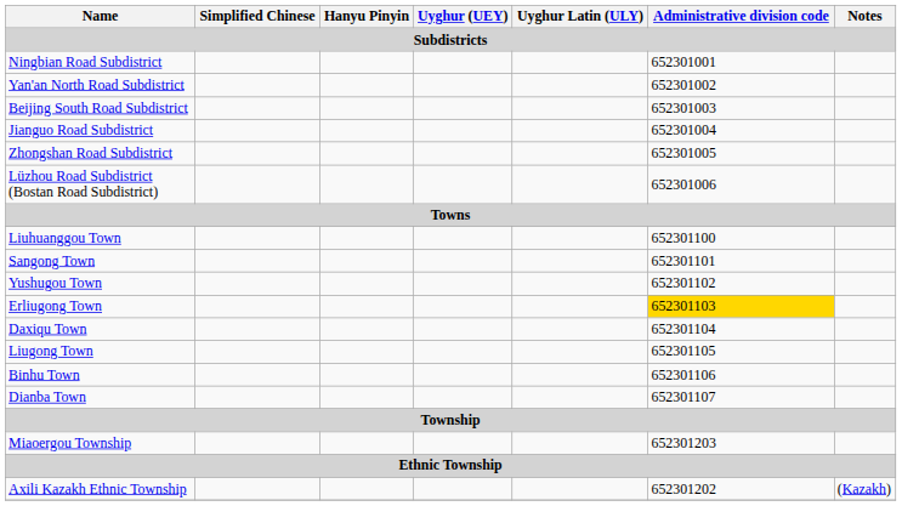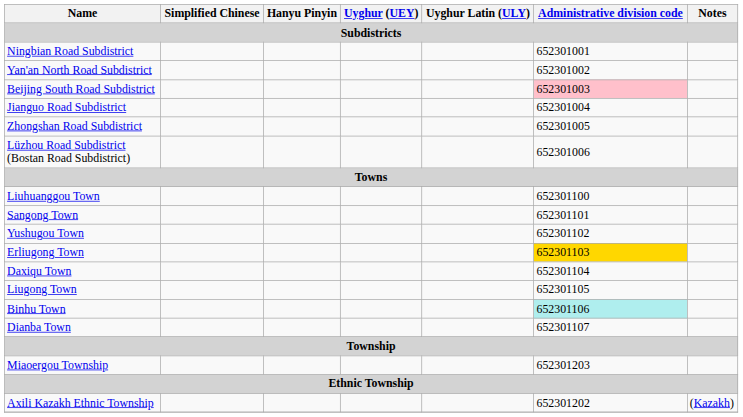 <table class="wikitable" align="center" style="width:50%; border="1">
 <tr>
 <th>Name</th>
 <th>Simplified Chinese</th>
 <th>Hanyu Pinyin</th>
 <th><a href='#'>Uyghur</a> (<a href='#'>UEY</a>)</th>
 <th>Uyghur Latin (<a href='#'>ULY</a>)</th>
 <th><a href='#'>Administrative division code</a></th>
 <th>Notes</th>
 </tr>
 <tr>
 <td colspan="7"  style="text-align:center; background:#d3d3d3;"><strong>Subdistricts</strong></td>
 </tr>
 <tr --------->
 <td><a href='#'>Ningbian Road Subdistrict</a></td>
 <td></td>
 <td></td>
 <td></td>
 <td></td>
 <td>652301001</td>
 <td></td>
 </tr>
 <tr>
 <td><a href='#'>Yan'an North Road Subdistrict</a></td>
 <td></td>
 <td></td>
 <td></td>
 <td></td>
 <td>652301002</td>
 <td></td>
 </tr>
 <tr>
 <td><a href='#'>Beijing South Road Subdistrict</a></td>
 <td></td>
 <td></td>
 <td></td>
 <td></td>
-<td>652301003</td>
+<td style="background: pink;">652301003</td>
 <td></td>
 </tr>
 <tr>
 <td><a href='#'>Jianguo Road Subdistrict</a></td>
 <td></td>
 <td></td>
 <td></td>
 <td></td>
 <td>652301004</td>
 <td></td>
 </tr>
 <tr>
 <td><a href='#'>Zhongshan Road Subdistrict</a></td>
 <td></td>
 <td></td>
 <td></td>
 <td></td>
 <td>652301005</td>
 <td></td>
 </tr>
 <tr>
 <td><a href='#'>Lüzhou Road Subdistrict</a><br>(Bostan Road Subdistrict)</td>
 <td></td>
 <td></td>
 <td></td>
 <td></td>
 <td>652301006</td>
 <td></td>
 </tr>
 <tr>
 <td colspan="7"  style="text-align:center; background:#d3d3d3;"><strong>Towns</strong></td>
 </tr>
 <tr --------->
 <td><a href='#'>Liuhuanggou Town</a></td>
 <td></td>
 <td></td>
 <td></td>
 <td></td>
 <td>652301100</td>
 <td></td>
 </tr>
 <tr>
 <td><a href='#'>Sangong Town</a></td>
 <td></td>
 <td></td>
 <td></td>
 <td></td>
 <td>652301101</td>
 <td></td>
 </tr>
 <tr>
 <td><a href='#'>Yushugou Town</a></td>
 <td></td>
 <td></td>
 <td></td>
 <td></td>
 <td>652301102</td>
 <td></td>
 </tr>
 <tr>
 <td><a href='#'>Erliugong Town</a></td>
 <td></td>
 <td></td>
 <td></td>
 <td></td>
 <td style="background: gold;">652301103</td>
 <td></td>
 </tr>
 <tr>
 <td><a href='#'>Daxiqu Town</a></td>
 <td></td>
 <td></td>
 <td></td>
 <td></td>
 <td>652301104</td>
 <td></td>
 </tr>
 <tr>
 <td><a href='#'>Liugong Town</a></td>
 <td></td>
 <td></td>
 <td></td>
 <td></td>
 <td>652301105</td>
 <td></td>
 </tr>
 <tr>
 <td><a href='#'>Binhu Town</a></td>
 <td></td>
 <td></td>
 <td></td>
 <td></td>
-<td>652301106</td>
+<td style="background: paleturquoise;">652301106</td>
 <td></td>
 </tr>
 <tr>
 <td><a href='#'>Dianba Town</a></td>
 <td></td>
 <td></td>
 <td></td>
 <td></td>
 <td>652301107</td>
 <td></td>
 </tr>
 <tr>
 <td colspan="7"  style="text-align:center; background:#d3d3d3;"><strong>Township</strong></td>
 </tr>
 <tr --------->
 <td><a href='#'>Miaoergou Township</a></td>
 <td></td>
 <td></td>
 <td></td>
 <td></td>
 <td>652301203</td>
 </tr>
 <tr>
 <td colspan="7"  style="text-align:center; background:#d3d3d3;"><strong>Ethnic Township</strong></td>
 </tr>
 <tr --------->
 <td><a href='#'>Axili Kazakh Ethnic Township</a></td>
 <td></td>
 <td></td>
 <td></td>
 <td></td>
 <td>652301202</td>
 <td>(<a href='#'>Kazakh</a>)<br></td>
 </tr>
 <tr>
 </tr>
 </table>
